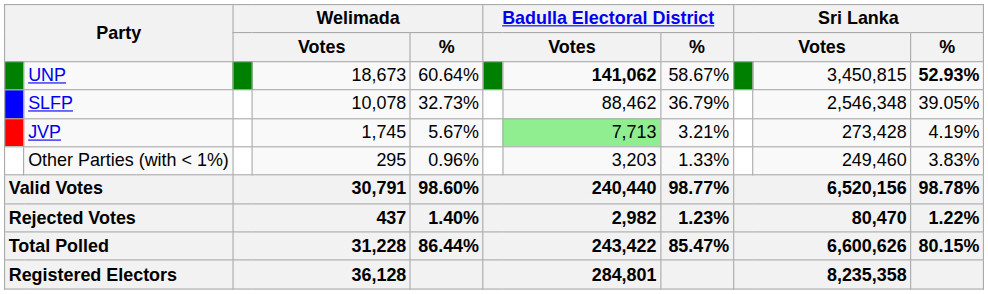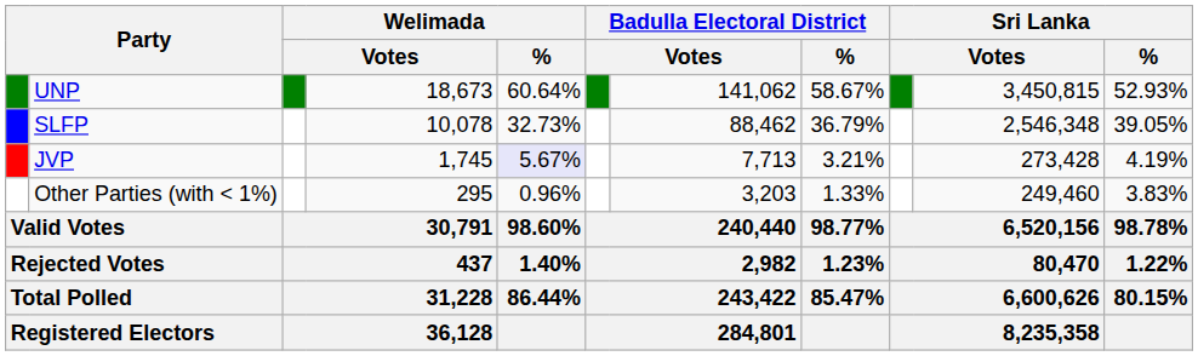 <table class="wikitable">
 <tr>
 <th colspan="2" width="144px"rowspan="2">Party</th>
 <th colspan="3" width="216px">Welimada</th>
 <th colspan="3" width="216px"><a href='#'>Badulla Electoral District</a></th>
 <th colspan="3" width="216px">Sri Lanka</th>
 </tr>
 <tr>
 <th colspan="2" width="144px">Votes</th>
 <th>%</th>
 <th colspan="2" width="144px">Votes</th>
 <th>%</th>
 <th colspan="2" width="144px">Votes</th>
 <th>%</th>
 </tr>
 <tr>
 <td style="background-color:green;" width="10px"></td>
 <td style="text-align:left;"><a href='#'>UNP</a></td>
 <td style="background-color:green;" width="10px"></td>
 <td style="text-align:right;">18,673</td>
 <td style="text-align:right;">60.64%</td>
 <td style="background-color:green;" width="10px"></td>
-<td style="text-align:right;"><strong>141,062</strong></td>
+<td style="text-align:right;">141,062</td>
 <td style="text-align:right;">58.67%</td>
 <td style="background-color:green;" width="10px"></td>
 <td style="text-align:right;">3,450,815</td>
-<td style="text-align:right;"><strong>52.93%</strong></td>
+<td style="text-align:right;">52.93%</td>
 </tr>
 <tr>
 <td style="background-color:blue;" width="10px"></td>
 <td style="text-align:left;"><a href='#'>SLFP</a></td>
 <td style="background-color:white;" width="10px"></td>
 <td style="text-align:right;">10,078</td>
 <td style="text-align:right;">32.73%</td>
 <td style="background-color:white;" width="10px"></td>
 <td style="text-align:right;">88,462</td>
 <td style="text-align:right;">36.79%</td>
 <td style="background-color:white;" width="10px"></td>
 <td style="text-align:right;">2,546,348</td>
 <td style="text-align:right;">39.05%</td>
 </tr>
 <tr>
 <td style="background-color:red;" width="10px"></td>
 <td style="text-align:left;"><a href='#'>JVP</a></td>
 <td style="background-color:white;" width="10px"></td>
 <td style="text-align:right;">1,745</td>
-<td style="text-align:right;">5.67%</td>
+<td style="background: lavender; text-align:right;">5.67%</td>
 <td style="background-color:white;" width="10px"></td>
-<td style="background: lightgreen; text-align:right;">7,713</td>
+<td style="text-align:right;">7,713</td>
 <td style="text-align:right;">3.21%</td>
 <td style="background-color:white;" width="10px"></td>
 <td style="text-align:right;">273,428</td>
 <td style="text-align:right;">4.19%</td>
 </tr>
 <tr>
 <td style="background-color:white;" width="10px"></td>
 <td style="text-align:left;">Other Parties (with < 1%)</td>
 <td style="background-color:white;" width="10px"></td>
 <td style="text-align:right;">295</td>
 <td style="text-align:right;">0.96%</td>
 <td style="background-color:white;" width="10px"></td>
 <td style="text-align:right;">3,203</td>
 <td style="text-align:right;">1.33%</td>
 <td style="background-color:white;" width="10px"></td>
 <td style="text-align:right;">249,460</td>
 <td style="text-align:right;">3.83%</td>
 </tr>
 <tr>
 <th colspan="2" width="144px"style="text-align:left;">Valid Votes</th>
 <th style="text-align:right;"colspan="2" width="144px">30,791</th>
 <th style="text-align:right;">98.60%</th>
 <th style="text-align:right;"colspan="2" width="144px">240,440</th>
 <th style="text-align:right;">98.77%</th>
 <th style="text-align:right;"colspan="2" width="144px">6,520,156</th>
 <th style="text-align:right;">98.78%</th>
 </tr>
 <tr>
 <th colspan="2" width="144px"style="text-align:left;">Rejected Votes</th>
 <th style="text-align:right;"colspan="2" width="144px">437</th>
 <th style="text-align:right;">1.40%</th>
 <th style="text-align:right;"colspan="2" width="144px">2,982</th>
 <th style="text-align:right;">1.23%</th>
 <th style="text-align:right;"colspan="2" width="144px">80,470</th>
 <th style="text-align:right;">1.22%</th>
 </tr>
 <tr>
 <th colspan="2" width="144px"style="text-align:left;">Total Polled</th>
 <th style="text-align:right;"colspan="2" width="144px">31,228</th>
 <th style="text-align:right;">86.44%</th>
 <th style="text-align:right;"colspan="2" width="144px">243,422</th>
 <th style="text-align:right;">85.47%</th>
 <th style="text-align:right;"colspan="2" width="144px">6,600,626</th>
 <th style="text-align:right;">80.15%</th>
 </tr>
 <tr>
 <th colspan="2" width="144px"style="text-align:left;">Registered Electors</th>
 <th style="text-align:right;"colspan="2" width="144px">36,128</th>
 <th></th>
 <th style="text-align:right;"colspan="2" width="144px">284,801</th>
 <th></th>
 <th style="text-align:right;"colspan="2" width="144px">8,235,358</th>
 <th></th>
 </tr>
 </table>
